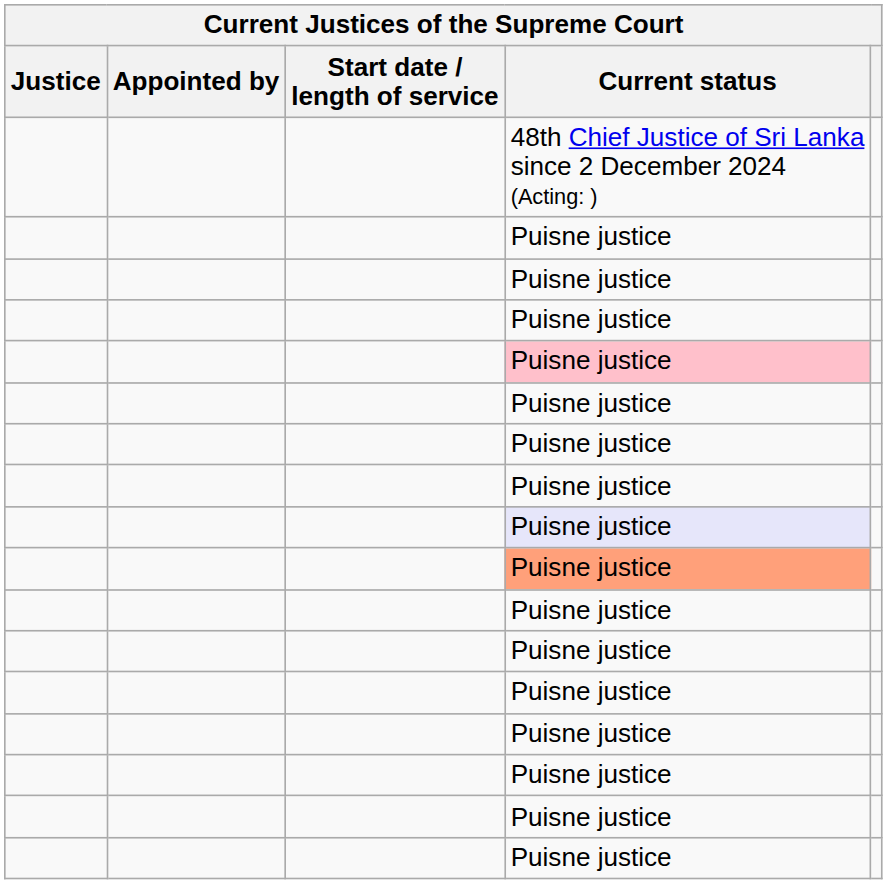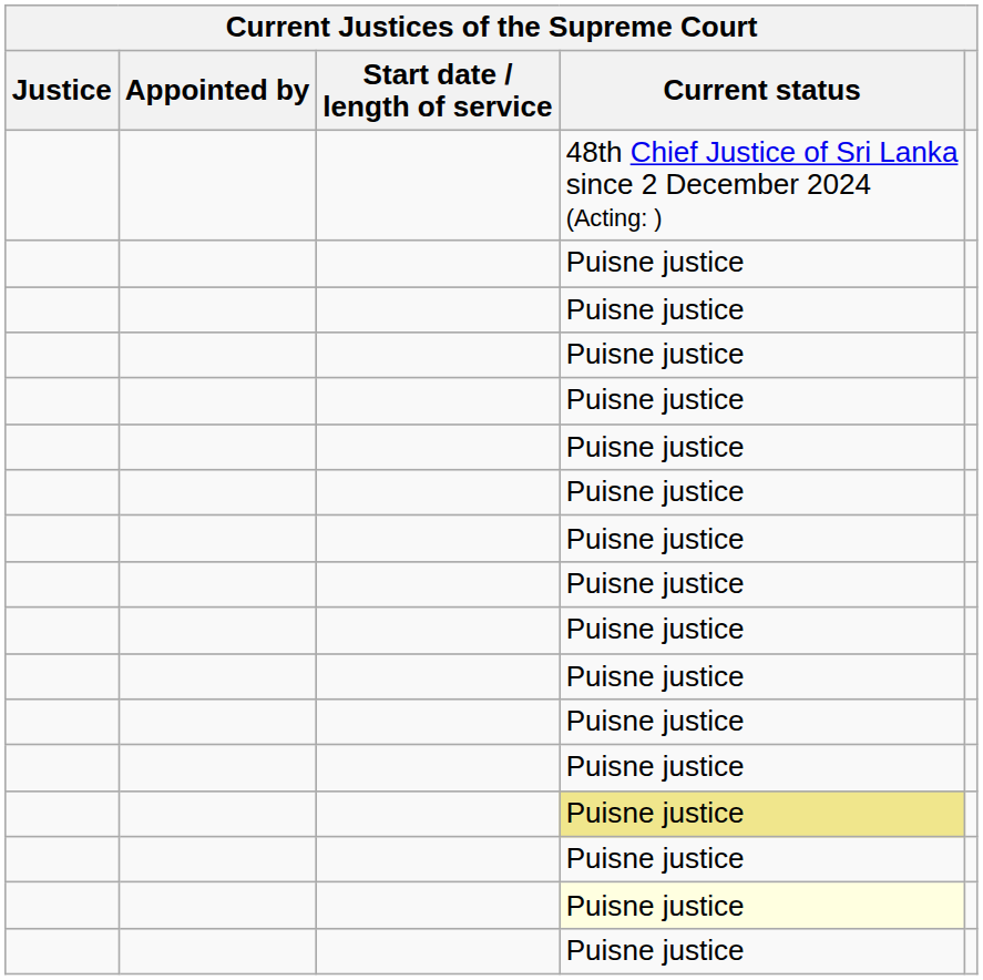 <table class="wikitable sortable sticky-header-multi mw-collapsible" style="font-size:100%; text-align:left">
 <tr>
 <th colspan=7 style="color:; background:;">Current Justices of the Supreme Court</th>
 </tr>
 <tr>
 <th>Justice</th>
 <th>Appointed by</th>
 <th class="unsortable">Start date /<br> length of service</th>
 <th class="unsortable">Current status</th>
 <th class="unsortable"></th>
 </tr>
 <tr>
 <td></td>
 <td></td>
 <td> <br> </td>
 <td>48th <a href='#'>Chief Justice of Sri Lanka</a> <br> since 2 December 2024 <br> <small>(Acting: )</small></td>
 <td><br></td>
 </tr>
 <tr>
 <td></td>
 <td></td>
 <td> <br> </td>
 <td>Puisne justice</td>
-<td></td>
-</tr>
-<tr>
-<td></td>
-<td></td>
-<td> <br> </td>
-<td>Puisne justice</td>
-<td></td>
-</tr>
-<tr>
-<td></td>
-<td></td>
-<td> <br> </td>
-<td>Puisne justice</td>
-<td></td>
-</tr>
-<tr>
-<td></td>
-<td></td>
-<td> <br> </td>
-<td style="background: pink;">Puisne justice</td>
-<td></td>
-</tr>
-<tr>
-<td></td>
-<td></td>
-<td> <br> </td>
-<td>Puisne justice</td>
-<td></td>
-</tr>
-<tr>
-<td></td>
-<td></td>
-<td> <br> </td>
-<td>Puisne justice</td>
-<td></td>
-</tr>
-<tr>
-<td></td>
-<td></td>
-<td> <br> </td>
-<td>Puisne justice</td>
-<td></td>
-</tr>
-<tr>
-<td></td>
-<td></td>
-<td> <br> </td>
-<td style="background: lavender;">Puisne justice</td>
-<td></td>
-</tr>
-<tr>
-<td></td>
-<td></td>
-<td> <br> </td>
-<td style="background: lightsalmon;">Puisne justice</td>
 <td></td>
 </tr>
 <tr>
 <td></td>
 <td></td>
 <td> <br> </td>
 <td>Puisne justice</td>
 <td></td>
 </tr>
 <tr>
 <td></td>
 <td></td>
 <td> <br> </td>
 <td>Puisne justice</td>
 <td></td>
 </tr>
 <tr>
 <td></td>
 <td></td>
 <td> <br> </td>
 <td>Puisne justice</td>
 <td></td>
 </tr>
 <tr>
 <td></td>
 <td></td>
 <td> <br> </td>
 <td>Puisne justice</td>
 <td></td>
 </tr>
 <tr>
 <td></td>
 <td></td>
 <td> <br> </td>
 <td>Puisne justice</td>
 <td></td>
 </tr>
 <tr>
 <td></td>
 <td></td>
 <td> <br> </td>
 <td>Puisne justice</td>
 <td></td>
 </tr>
 <tr>
 <td></td>
 <td></td>
 <td> <br> </td>
 <td>Puisne justice</td>
 <td></td>
 </tr>
+<tr>
+<td></td>
+<td></td>
+<td> <br> </td>
+<td>Puisne justice</td>
+<td></td>
+</tr>
+<tr>
+<td></td>
+<td></td>
+<td> <br> </td>
+<td>Puisne justice</td>
+<td></td>
+</tr>
+<tr>
+<td></td>
+<td></td>
+<td> <br> </td>
+<td>Puisne justice</td>
+<td></td>
+</tr>
+<tr>
+<td></td>
+<td></td>
+<td> <br> </td>
+<td>Puisne justice</td>
+<td></td>
+</tr>
+<tr>
+<td></td>
+<td></td>
+<td> <br> </td>
+<td style="background: khaki;">Puisne justice</td>
+<td></td>
+</tr>
+<tr>
+<td></td>
+<td></td>
+<td> <br> </td>
+<td>Puisne justice</td>
+<td></td>
+</tr>
+<tr>
+<td></td>
+<td></td>
+<td> <br> </td>
+<td style="background: lightyellow;">Puisne justice</td>
+<td></td>
+</tr>
+<tr>
+<td></td>
+<td></td>
+<td> <br> </td>
+<td>Puisne justice</td>
+<td></td>
+</tr>
 </table>
